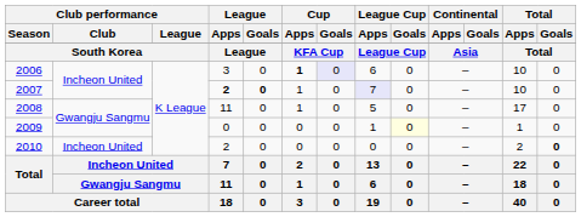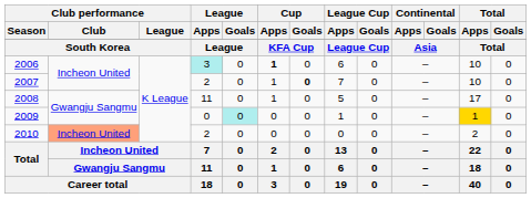 <table class="wikitable" style="text-align:center">
 <tr>
 <th colspan=3>Club performance</th>
 <th colspan=2>League</th>
 <th colspan=2>Cup</th>
 <th colspan=2>League Cup</th>
 <th colspan=2>Continental</th>
 <th colspan=2>Total</th>
 </tr>
 <tr>
 <th>Season</th>
 <th>Club</th>
 <th>League</th>
 <th>Apps</th>
 <th>Goals</th>
 <th>Apps</th>
 <th>Goals</th>
 <th>Apps</th>
 <th>Goals</th>
 <th>Apps</th>
 <th>Goals</th>
 <th>Apps</th>
 <th>Goals</th>
 </tr>
 <tr>
 </tr>
 <tr>
 <th colspan=3>South Korea</th>
 <th colspan=2>League</th>
 <th colspan=2><a href='#'>KFA Cup</a></th>
 <th colspan=2><a href='#'>League Cup</a></th>
 <th colspan=2><a href='#'>Asia</a></th>
 <th colspan=2>Total</th>
 </tr>
 <tr>
 <td><a href='#'>2006</a></td>
 <td rowspan="2"><a href='#'>Incheon United</a></td>
 <td rowspan="5"><a href='#'>K League</a></td>
-<td>3</td>
+<td style="background: paleturquoise;">3</td>
 <td>0</td>
 <td><strong>1</strong></td>
-<td style="background: lavender;">0</td>
+<td>0</td>
 <td>6</td>
 <td>0</td>
 <td colspan="2">–</td>
 <td>10</td>
 <td>0</td>
 </tr>
 <tr>
 <td><a href='#'>2007</a></td>
-<td><strong>2</strong></td>
+<td>2</td>
+<td>0</td>
+<td>1</td>
 <td><strong>0</strong></td>
-<td>1</td>
-<td>0</td>
-<td style="background: lavender;">7</td>
+<td>7</td>
 <td>0</td>
 <td colspan="2">–</td>
 <td>10</td>
 <td>0</td>
 </tr>
 <tr>
 <td><a href='#'>2008</a></td>
 <td rowspan="2"><a href='#'>Gwangju Sangmu</a></td>
 <td>11</td>
 <td>0</td>
 <td>1</td>
 <td>0</td>
 <td>5</td>
 <td>0</td>
 <td colspan="2">–</td>
 <td>17</td>
 <td>0</td>
 </tr>
 <tr>
 <td><a href='#'>2009</a></td>
 <td>0</td>
-<td>0</td>
+<td style="background: paleturquoise;">0</td>
 <td>0</td>
 <td>0</td>
 <td>1</td>
-<td style="background: lightyellow;">0</td>
+<td>0</td>
 <td colspan="2">–</td>
-<td>1</td>
+<td style="background: gold;">1</td>
 <td>0</td>
 </tr>
 <tr>
 <td><a href='#'>2010</a></td>
-<td><a href='#'>Incheon United</a></td>
+<td style="background: lightsalmon;"><a href='#'>Incheon United</a></td>
 <td>2</td>
 <td>0</td>
 <td>0</td>
 <td>0</td>
 <td>0</td>
 <td>0</td>
 <td colspan="2">–</td>
 <td>2</td>
-<td><strong>0</strong></td>
+<td>0</td>
 </tr>
 <tr>
 <th rowspan=2>Total</th>
 <th colspan=2><a href='#'>Incheon United</a></th>
 <th>7</th>
 <th>0</th>
 <th>2</th>
 <th>0</th>
 <th>13</th>
 <th>0</th>
 <th colspan="2">–</th>
 <th>22</th>
 <th>0</th>
 </tr>
 <tr>
 <th colspan=2><a href='#'>Gwangju Sangmu</a></th>
 <th>11</th>
 <th>0</th>
 <th>1</th>
 <th>0</th>
 <th>6</th>
 <th>0</th>
 <th colspan="2">–</th>
 <th>18</th>
 <th>0</th>
 </tr>
 <tr>
 <th colspan=3>Career total</th>
 <th>18</th>
 <th>0</th>
 <th>3</th>
 <th>0</th>
 <th>19</th>
 <th>0</th>
 <th colspan="2">–</th>
 <th>40</th>
 <th>0</th>
 </tr>
 </table>
